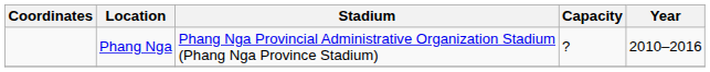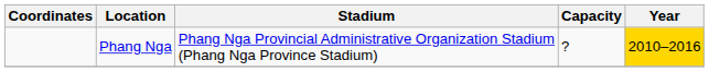 <table class="wikitable sortable">
 <tr>
 <th>Coordinates</th>
 <th>Location</th>
 <th>Stadium</th>
 <th>Capacity</th>
 <th>Year</th>
 </tr>
 <tr>
 <td></td>
 <td><a href='#'>Phang Nga</a></td>
 <td><a href='#'>Phang Nga Provincial Administrative Organization Stadium</a><br>(Phang Nga Province Stadium)</td>
 <td>?</td>
-<td>2010–2016</td>
+<td style="background: gold;">2010–2016</td>
 </tr>
 <tr>
 </tr>
 </table>
